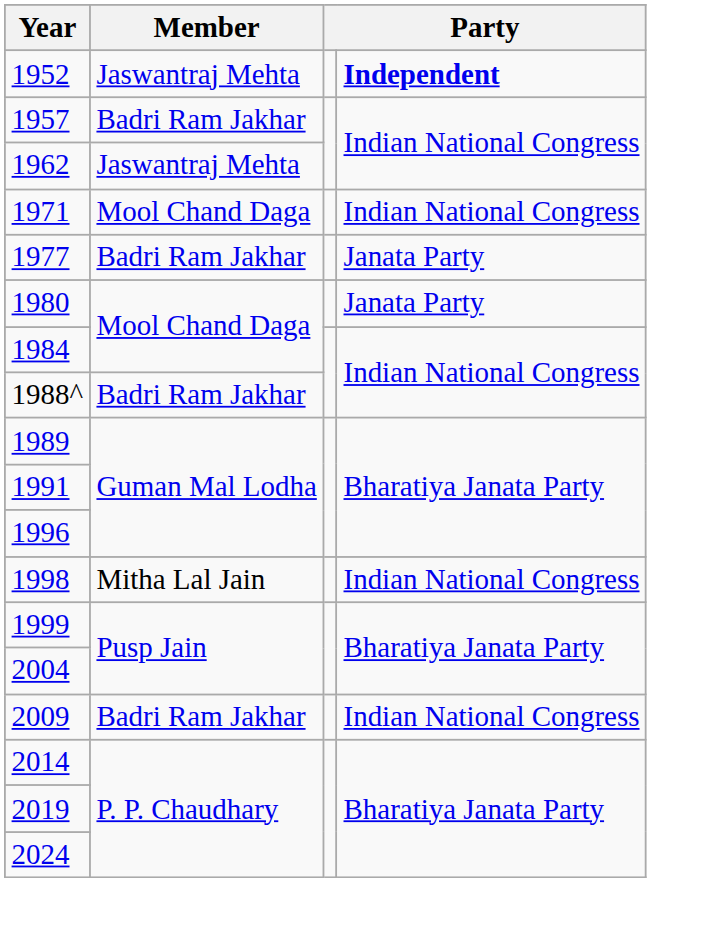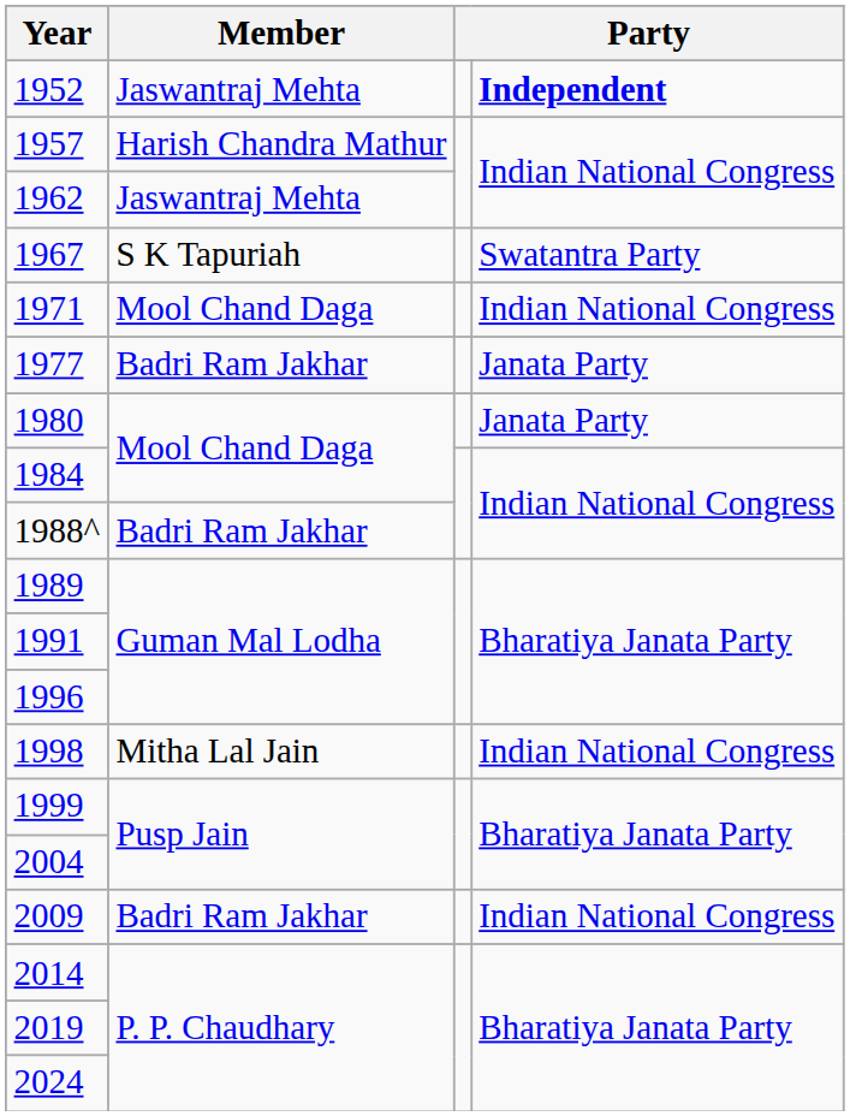 <table class="wikitable">
 <tr>
 <th>Year</th>
 <th>Member</th>
 <th colspan="2">Party</th>
 </tr>
 <tr>
 <td><a href='#'>1952</a></td>
 <td><a href='#'>Jaswantraj Mehta</a></td>
 <td style="background-color: "></td>
 <td><strong><a href='#'>Independent</a></strong></td>
 </tr>
 <tr>
 <td><a href='#'>1957</a></td>
-<td><a href='#'>Badri Ram Jakhar</a></td>
+<td><a href='#'>Harish Chandra Mathur</a></td>
 <td rowspan="2" style="background-color: "></td>
 <td rowspan="2"><a href='#'>Indian National Congress</a></td>
 </tr>
 <tr>
 <td><a href='#'>1962</a></td>
 <td><a href='#'>Jaswantraj Mehta</a></td>
+</tr>
+<tr>
+<td><a href='#'>1967</a></td>
+<td>S K Tapuriah</td>
+<td style="background-color: "></td>
+<td><a href='#'>Swatantra Party</a></td>
 </tr>
 <tr>
 <td><a href='#'>1971</a></td>
 <td><a href='#'>Mool Chand Daga</a></td>
 <td style="background-color: "></td>
 <td><a href='#'>Indian National Congress</a></td>
 </tr>
 <tr>
 <td><a href='#'>1977</a></td>
 <td><a href='#'>Badri Ram Jakhar</a></td>
 <td style="background-color: "></td>
 <td><a href='#'>Janata Party</a></td>
 </tr>
 <tr>
 <td><a href='#'>1980</a></td>
 <td rowspan="2"><a href='#'>Mool Chand Daga</a></td>
 <td style="background-color: "></td>
 <td><a href='#'>Janata Party</a></td>
 </tr>
 <tr>
 <td><a href='#'>1984</a></td>
 <td rowspan="2" style="background-color: "></td>
 <td rowspan="2"><a href='#'>Indian National Congress</a></td>
 </tr>
 <tr>
 <td>1988^</td>
 <td><a href='#'>Badri Ram Jakhar</a></td>
 </tr>
 <tr>
 <td><a href='#'>1989</a></td>
 <td rowspan="3"><a href='#'>Guman Mal Lodha</a></td>
 <td rowspan="3" style="background-color: "></td>
 <td rowspan="3"><a href='#'>Bharatiya Janata Party</a></td>
 </tr>
 <tr>
 <td><a href='#'>1991</a></td>
 </tr>
 <tr>
 <td><a href='#'>1996</a></td>
 </tr>
 <tr>
 <td><a href='#'>1998</a></td>
 <td>Mitha Lal Jain</td>
 <td style="background-color: "></td>
 <td><a href='#'>Indian National Congress</a></td>
 </tr>
 <tr>
 <td><a href='#'>1999</a></td>
 <td rowspan="2"><a href='#'>Pusp Jain</a></td>
 <td rowspan="2" style="background-color: "></td>
 <td rowspan="2"><a href='#'>Bharatiya Janata Party</a></td>
 </tr>
 <tr>
 <td><a href='#'>2004</a></td>
 </tr>
 <tr>
 <td><a href='#'>2009</a></td>
 <td><a href='#'>Badri Ram Jakhar</a></td>
 <td style="background-color: "></td>
 <td><a href='#'>Indian National Congress</a></td>
 </tr>
 <tr>
 <td><a href='#'>2014</a></td>
 <td rowspan="3"><a href='#'>P. P. Chaudhary</a></td>
 <td rowspan="3" style="background-color: "></td>
 <td rowspan="3"><a href='#'>Bharatiya Janata Party</a></td>
 </tr>
 <tr>
 <td><a href='#'>2019</a></td>
 </tr>
 <tr>
 <td><a href='#'>2024</a></td>
 </tr>
 </table>
